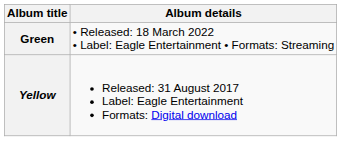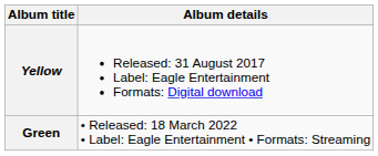 <table class="wikitable">
 <tr>
 <th>Album title</th>
 <th>Album details</th>
 </tr>
 <tr>
+<th scope="row"><em>Yellow</em></th>
+<td><br><ul><li>Released: 31 August 2017</li><li>Label: Eagle Entertainment</li><li>Formats: <a href='#'>Digital download</a></li></ul></td>
+</tr>
+<tr>
 <th>Green</th>
 <td>• Released: 18 March 2022<br>• Label: Eagle Entertainment • Formats: Streaming</td>
 </tr>
-<tr>
-<th scope="row"><em>Yellow</em></th>
-<td><br><ul><li>Released: 31 August 2017</li><li>Label: Eagle Entertainment</li><li>Formats: <a href='#'>Digital download</a></li></ul></td>
-</tr>
 </table>
